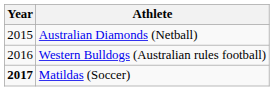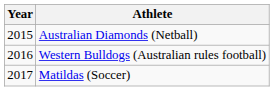 <table class="wikitable">
 <tr>
 <th>Year</th>
 <th>Athlete</th>
 </tr>
 <tr>
 <td>2015</td>
 <td><a href='#'>Australian Diamonds</a> (Netball)</td>
 </tr>
 <tr>
 <td>2016</td>
 <td><a href='#'>Western Bulldogs</a> (Australian rules football)</td>
 </tr>
 <tr>
-<td><strong>2017</strong></td>
+<td>2017</td>
 <td><a href='#'>Matildas</a>  (Soccer)</td>
 </tr>
 </table>
